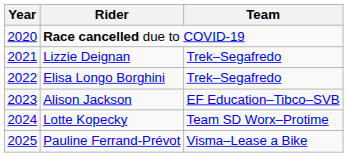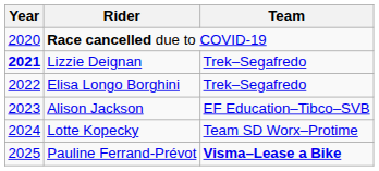 <table class="wikitable" style="font-size: 100%">
 <tr>
 <th>Year</th>
 <th>Rider</th>
 <th>Team</th>
 </tr>
 <tr>
 <td><a href='#'>2020</a></td>
 <td colspan="2"><strong>Race cancelled</strong> due to <a href='#'>COVID-19</a></td>
 </tr>
 <tr>
-<td><a href='#'>2021</a></td>
+<td><strong><a href='#'>2021</a></strong></td>
 <td> <a href='#'>Lizzie Deignan</a></td>
 <td><a href='#'>Trek–Segafredo</a></td>
 </tr>
 <tr>
 <td><a href='#'>2022</a></td>
 <td> <a href='#'>Elisa Longo Borghini</a></td>
 <td><a href='#'>Trek–Segafredo</a></td>
 </tr>
 <tr>
 <td><a href='#'>2023</a></td>
 <td> <a href='#'>Alison Jackson</a></td>
 <td><a href='#'>EF Education–Tibco–SVB</a></td>
 </tr>
 <tr>
 <td><a href='#'>2024</a></td>
 <td> <a href='#'>Lotte Kopecky</a></td>
 <td><a href='#'>Team SD Worx–Protime</a></td>
 </tr>
 <tr>
 <td><a href='#'>2025</a></td>
 <td> <a href='#'>Pauline Ferrand-Prévot</a></td>
-<td><a href='#'>Visma–Lease a Bike</a></td>
+<td><strong><a href='#'>Visma–Lease a Bike</a></strong></td>
 </tr>
 </table>
